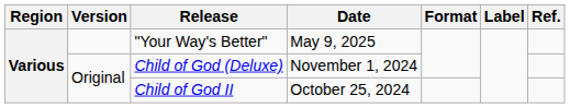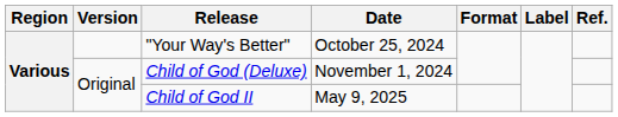 <table class="wikitable plainrowheaders">
 <tr>
 <th scope="col">Region</th>
 <th scope="col">Version</th>
 <th>Release</th>
 <th scope="col">Date</th>
 <th scope="col">Format</th>
 <th scope="col">Label</th>
 <th scope="col">Ref.</th>
 </tr>
 <tr>
 <th rowspan="3" scope="row">Various</th>
 <td></td>
 <td>"Your Way's Better"</td>
-<td>May 9, 2025</td>
+<td>October 25, 2024</td>
 <td rowspan="2"></td>
 <td rowspan="3"></td>
 <td></td>
 </tr>
 <tr>
 <td rowspan="2">Original</td>
 <td><em><a href='#'>Child of God (Deluxe)</a></em></td>
 <td>November 1, 2024</td>
 <td></td>
 </tr>
 <tr>
 <td><em><a href='#'>Child of God II</a></em></td>
-<td>October 25, 2024</td>
+<td>May 9, 2025</td>
 <td></td>
 <td></td>
 </tr>
 </table>
